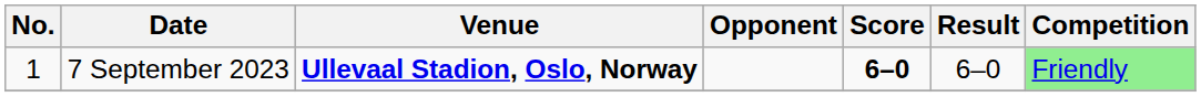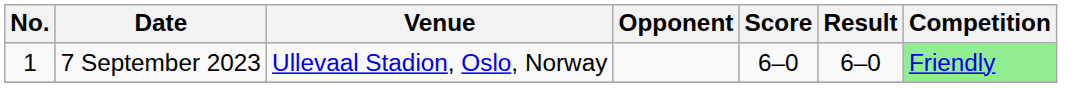 <table class="wikitable sortable">
 <tr>
 <th scope="col">No.</th>
 <th scope="col">Date</th>
 <th scope="col">Venue</th>
 <th scope="col">Opponent</th>
 <th scope="col">Score</th>
 <th scope="col">Result</th>
 <th scope="col">Competition</th>
 </tr>
 <tr>
 <td style="text-align:center">1</td>
 <td>7 September 2023</td>
-<td><strong><a href='#'>Ullevaal Stadion</a>, <a href='#'>Oslo</a>, Norway</strong></td>
+<td><a href='#'>Ullevaal Stadion</a>, <a href='#'>Oslo</a>, Norway</td>
 <td></td>
-<td style="text-align:center"><strong>6–0</strong></td>
+<td style="text-align:center">6–0</td>
 <td style="text-align:center">6–0</td>
 <td style="background: lightgreen;"><a href='#'>Friendly</a></td>
 </tr>
 <tr>
 </tr>
 </table>
